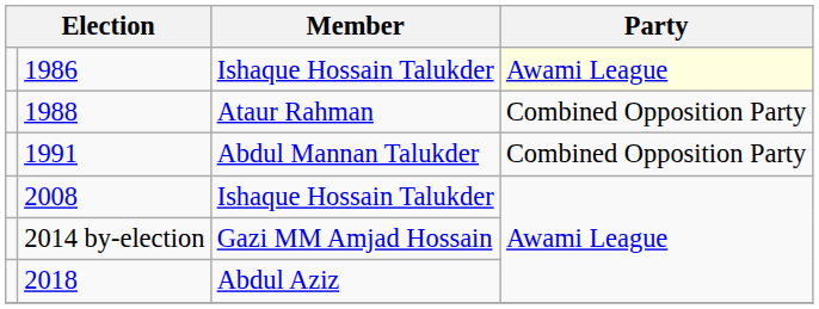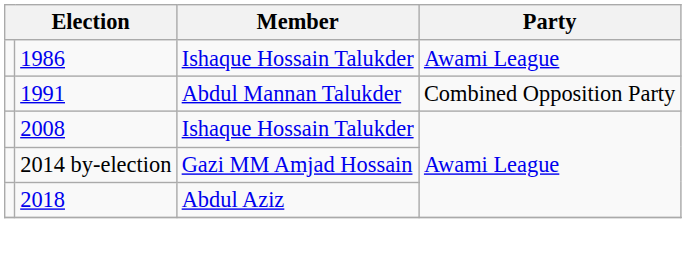 <table class="wikitable">
 <tr>
 <th colspan="2">Election</th>
 <th>Member</th>
 <th>Party</th>
 </tr>
 <tr>
 <td style="background-color:"></td>
 <td><a href='#'>1986</a></td>
 <td><a href='#'>Ishaque Hossain Talukder</a></td>
-<td style="background: lightyellow;"><a href='#'>Awami League</a></td>
-</tr>
-<tr>
-<td></td>
-<td><a href='#'>1988</a></td>
-<td><a href='#'>Ataur Rahman</a></td>
-<td>Combined Opposition Party</td>
+<td><a href='#'>Awami League</a></td>
 </tr>
 <tr>
 <td style="background-color:"></td>
 <td><a href='#'>1991</a></td>
 <td><a href='#'>Abdul Mannan Talukder</a></td>
 <td>Combined Opposition Party</td>
 </tr>
 <tr>
 <td style="background-color:"></td>
 <td><a href='#'>2008</a></td>
 <td><a href='#'>Ishaque Hossain Talukder</a></td>
 <td rowspan="3"><a href='#'>Awami League</a></td>
 </tr>
 <tr>
 <td style="background-color:"></td>
 <td>2014 by-election</td>
 <td><a href='#'>Gazi MM Amjad Hossain</a></td>
 </tr>
 <tr>
 <td style="background-color:"></td>
 <td><a href='#'>2018</a></td>
 <td><a href='#'>Abdul Aziz</a></td>
 </tr>
 <tr>
 </tr>
 </table>
